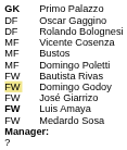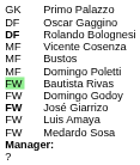 <table style="font-size:90%; margin:0.2em auto;" cellspacing="0" cellpadding="0">
 <tr>
 <th width="25"></th>
 <th width="25"></th>
 </tr>
 <tr>
-<td><strong>GK</strong></td>
+<td>GK</td>
 <td></td>
 <td> Primo Palazzo</td>
 </tr>
 <tr>
 <td>DF</td>
 <td></td>
 <td> Oscar Gaggino</td>
 </tr>
 <tr>
-<td>DF</td>
+<td><strong>DF</strong></td>
 <td></td>
 <td> Rolando Bolognesi</td>
 </tr>
 <tr>
 <td>MF</td>
 <td></td>
 <td> Vicente Cosenza</td>
 </tr>
 <tr>
 <td>MF</td>
 <td></td>
 <td> Bustos</td>
 </tr>
 <tr>
 <td>MF</td>
 <td></td>
 <td> Domingo Poletti</td>
 </tr>
 <tr>
-<td>FW</td>
+<td style="background: lightgreen;">FW</td>
 <td></td>
 <td> Bautista Rivas</td>
 </tr>
 <tr>
-<td style="background: khaki;">FW</td>
+<td>FW</td>
 <td></td>
 <td> Domingo Godoy</td>
 </tr>
 <tr>
-<td>FW</td>
+<td><strong>FW</strong></td>
 <td></td>
 <td> José Giarrizo</td>
 </tr>
 <tr>
-<td><strong>FW</strong></td>
+<td>FW</td>
 <td></td>
 <td> Luis Amaya</td>
 </tr>
 <tr>
 <td>FW</td>
 <td></td>
 <td> Medardo Sosa</td>
 </tr>
 <tr>
 <td colspan=3><strong>Manager:</strong></td>
 </tr>
 <tr>
 <td colspan=4> ?</td>
 </tr>
 </table>
